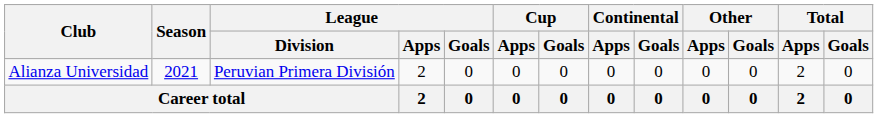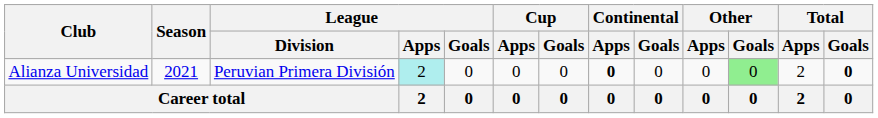 <table class="wikitable" style="text-align: center">
 <tr>
 <th rowspan="2">Club</th>
 <th rowspan="2">Season</th>
 <th colspan="3">League</th>
 <th colspan="2">Cup</th>
 <th colspan="2">Continental</th>
 <th colspan="2">Other</th>
 <th colspan="2">Total</th>
 </tr>
 <tr>
 <th>Division</th>
 <th>Apps</th>
 <th>Goals</th>
 <th>Apps</th>
 <th>Goals</th>
 <th>Apps</th>
 <th>Goals</th>
 <th>Apps</th>
 <th>Goals</th>
 <th>Apps</th>
 <th>Goals</th>
 </tr>
 <tr>
 <td><a href='#'>Alianza Universidad</a></td>
 <td><a href='#'>2021</a></td>
 <td><a href='#'>Peruvian Primera División</a></td>
-<td>2</td>
+<td style="background: paleturquoise;">2</td>
 <td>0</td>
 <td>0</td>
 <td>0</td>
+<td><strong>0</strong></td>
 <td>0</td>
 <td>0</td>
-<td>0</td>
-<td>0</td>
+<td style="background: lightgreen;">0</td>
 <td>2</td>
-<td>0</td>
+<td><strong>0</strong></td>
 </tr>
 <tr>
 <th colspan="3"><strong>Career total</strong></th>
 <th>2</th>
 <th>0</th>
 <th>0</th>
 <th>0</th>
 <th>0</th>
 <th>0</th>
 <th>0</th>
 <th>0</th>
 <th>2</th>
 <th>0</th>
 </tr>
 </table>
